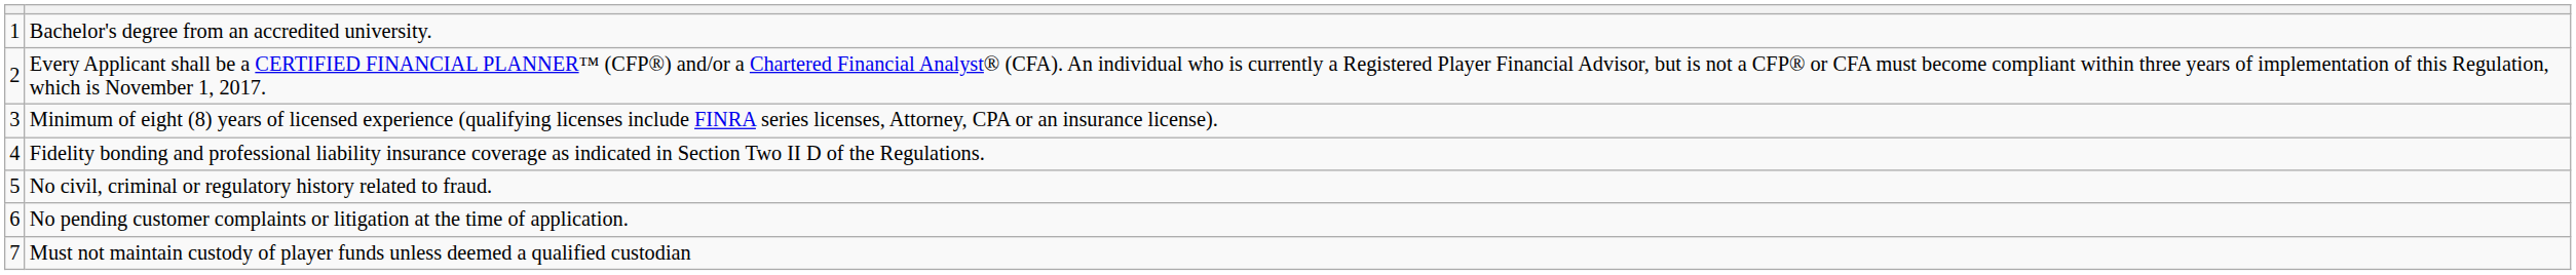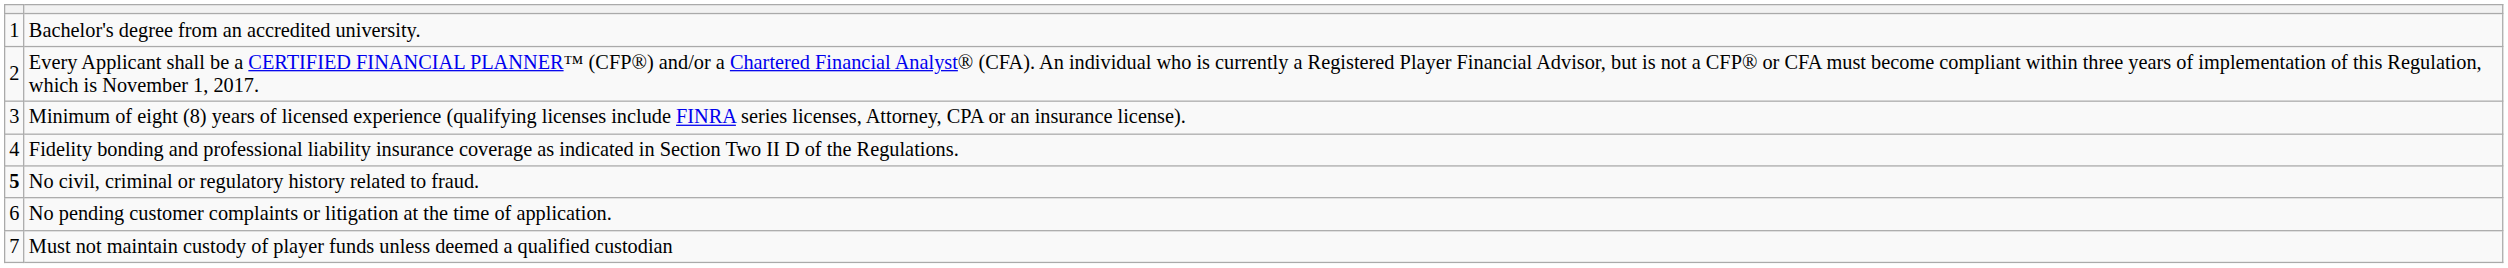 <table class="wikitable">
 <tr>
 <th></th>
 <th></th>
 </tr>
 <tr>
 <td>1</td>
 <td>Bachelor's degree from an accredited university.</td>
 </tr>
 <tr>
 <td>2</td>
 <td>Every Applicant shall be a <a href='#'>CERTIFIED FINANCIAL PLANNER</a>™ (CFP®) and/or a <a href='#'>Chartered Financial Analyst</a>® (CFA). An individual who is currently a Registered Player Financial Advisor, but is not a CFP® or CFA must become compliant within three years of implementation of this Regulation, which is November 1, 2017.</td>
 </tr>
 <tr>
 <td>3</td>
 <td>Minimum of eight (8) years of licensed experience (qualifying licenses include <a href='#'>FINRA</a> series licenses, Attorney, CPA or an insurance license).</td>
 </tr>
 <tr>
 <td>4</td>
 <td>Fidelity bonding and professional liability insurance coverage as indicated in Section Two II D of the Regulations.</td>
 </tr>
 <tr>
-<td>5</td>
+<td><strong>5</strong></td>
 <td>No civil, criminal or regulatory history related to fraud.</td>
 </tr>
 <tr>
 <td>6</td>
 <td>No pending customer complaints or litigation at the time of application.</td>
 </tr>
 <tr>
 <td>7</td>
 <td>Must not maintain custody of player funds unless deemed a qualified custodian</td>
 </tr>
 </table>
